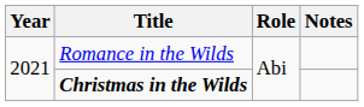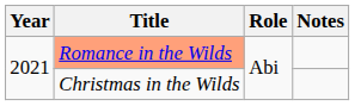 <table class="wikitable sortable">
 <tr>
 <th>Year</th>
 <th>Title</th>
 <th>Role</th>
 <th>Notes</th>
 </tr>
 <tr>
 <td rowspan="2">2021</td>
-<td><em><a href='#'>Romance in the Wilds</a></em></td>
+<td style="background: lightsalmon;"><em><a href='#'>Romance in the Wilds</a></em></td>
 <td rowspan="2">Abi</td>
 <td></td>
 </tr>
 <tr>
-<td><strong><em>Christmas in the Wilds</em></strong></td>
+<td><em>Christmas in the Wilds</em></td>
 <td></td>
 </tr>
 </table>
